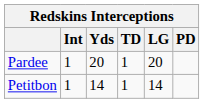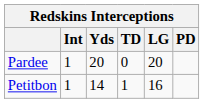 <table class="wikitable">
 <tr>
 <th colspan="6">Redskins Interceptions</th>
 </tr>
 <tr>
 <th></th>
 <th>Int</th>
 <th>Yds</th>
 <th>TD</th>
 <th>LG</th>
 <th>PD</th>
 </tr>
 <tr>
 <td><a href='#'>Pardee</a></td>
 <td>1</td>
 <td>20</td>
-<td>1</td>
+<td>0</td>
 <td>20</td>
 <td></td>
 </tr>
 <tr>
 <td><a href='#'>Petitbon</a></td>
 <td>1</td>
 <td>14</td>
 <td>1</td>
-<td>14</td>
+<td>16</td>
 <td></td>
 </tr>
 </table>
